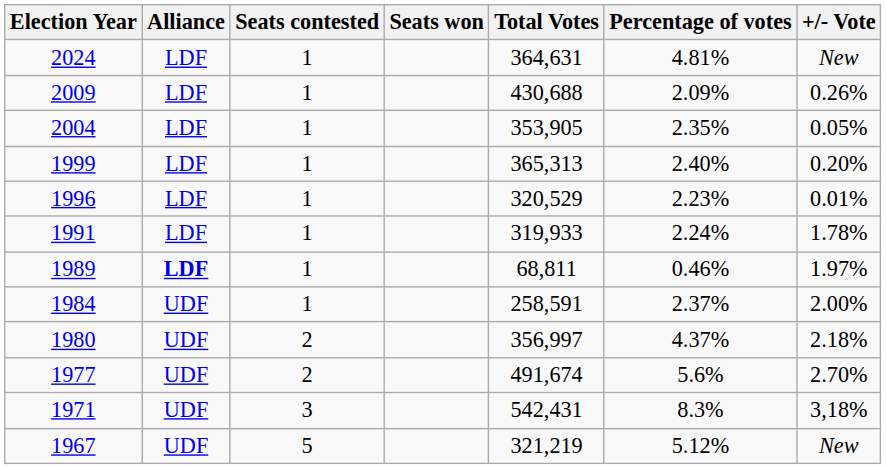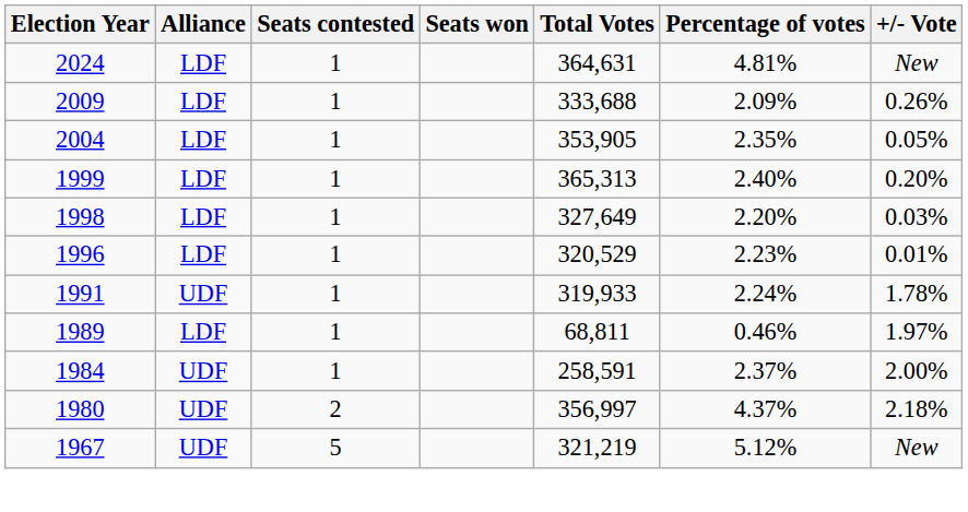 <table class="wikitable" style="text-align:center">
 <tr>
 <th Style="background-color:">Election Year</th>
 <th Style="background-color:">Alliance</th>
 <th Style="background-color:">Seats contested</th>
 <th Style="background-color:">Seats won</th>
 <th Style="background-color:">Total Votes</th>
 <th Style="background-color:">Percentage of votes</th>
 <th Style="background-color:">+/- Vote</th>
 </tr>
 <tr>
 <td><a href='#'>2024</a></td>
 <td><a href='#'>LDF</a></td>
 <td>1</td>
 <td></td>
 <td>364,631</td>
 <td>4.81%</td>
 <td><em>New</em></td>
 </tr>
 <tr>
 <td><a href='#'>2009</a></td>
 <td><a href='#'>LDF</a></td>
 <td>1</td>
 <td></td>
-<td>430,688</td>
+<td>333,688</td>
 <td>2.09%</td>
 <td> 0.26%</td>
 </tr>
 <tr>
 <td><a href='#'>2004</a></td>
 <td><a href='#'>LDF</a></td>
 <td>1</td>
 <td></td>
 <td>353,905</td>
 <td>2.35%</td>
 <td> 0.05%</td>
 </tr>
 <tr>
 <td><a href='#'>1999</a></td>
 <td><a href='#'>LDF</a></td>
 <td>1</td>
 <td></td>
 <td>365,313</td>
 <td>2.40%</td>
 <td> 0.20%</td>
 </tr>
 <tr>
+<td><a href='#'>1998</a></td>
+<td><a href='#'>LDF</a></td>
+<td>1</td>
+<td></td>
+<td>327,649</td>
+<td>2.20%</td>
+<td> 0.03%</td>
+</tr>
+<tr>
 <td><a href='#'>1996</a></td>
 <td><a href='#'>LDF</a></td>
 <td>1</td>
 <td></td>
 <td>320,529</td>
 <td>2.23%</td>
 <td> 0.01%</td>
 </tr>
 <tr>
 <td><a href='#'>1991</a></td>
-<td><a href='#'>LDF</a></td>
+<td><a href='#'>UDF</a></td>
 <td>1</td>
 <td></td>
 <td>319,933</td>
 <td>2.24%</td>
 <td> 1.78%</td>
 </tr>
 <tr>
 <td><a href='#'>1989</a></td>
-<td><strong><a href='#'>LDF</a></strong></td>
+<td><a href='#'>LDF</a></td>
 <td>1</td>
 <td></td>
 <td>68,811</td>
 <td>0.46%</td>
 <td> 1.97%</td>
 </tr>
 <tr>
 <td><a href='#'>1984</a></td>
 <td><a href='#'>UDF</a></td>
 <td>1</td>
 <td></td>
 <td>258,591</td>
 <td>2.37%</td>
 <td> 2.00%</td>
 </tr>
 <tr>
 <td><a href='#'>1980</a></td>
 <td><a href='#'>UDF</a></td>
 <td>2</td>
 <td></td>
 <td>356,997</td>
 <td>4.37%</td>
 <td> 2.18%</td>
 </tr>
 <tr>
-<td><a href='#'>1977</a></td>
-<td><a href='#'>UDF</a></td>
-<td>2</td>
-<td></td>
-<td>491,674</td>
-<td>5.6%</td>
-<td> 2.70%</td>
-</tr>
-<tr>
-<td><a href='#'>1971</a></td>
-<td><a href='#'>UDF</a></td>
-<td>3</td>
-<td></td>
-<td>542,431</td>
-<td>8.3%</td>
-<td> 3,18%</td>
-</tr>
-<tr>
 <td><a href='#'>1967</a></td>
 <td><a href='#'>UDF</a></td>
 <td>5</td>
 <td></td>
 <td>321,219</td>
 <td>5.12%</td>
 <td><em>New</em></td>
 </tr>
 </table>
